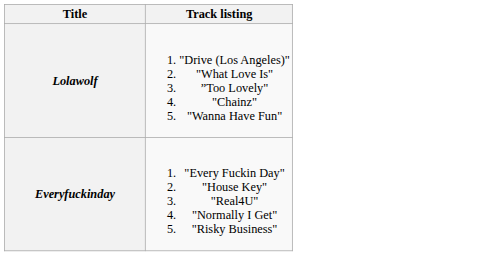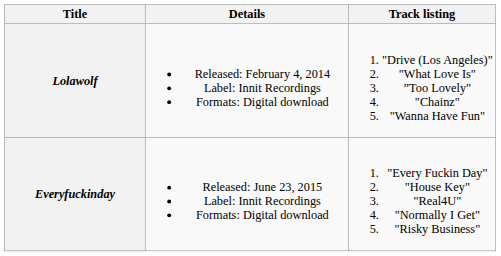 <table class="wikitable plainrowheaders" style="text-align:center;">
 <tr>
 <th scope="col" style="width:11em;">Title</th>
+<th scope="col" style="width:16em;">Details</th>
 <th scope="col">Track listing</th>
 </tr>
 <tr>
 <th scope="row"><em>Lolawolf</em></th>
+<td><br><ul><li>Released: February 4, 2014</li><li>Label: Innit Recordings</li><li>Formats: Digital download</li></ul></td>
 <td><br><ol><li>"Drive (Los Angeles)"</li><li>"What Love Is"</li><li>”Too Lovely"</li><li>"Chainz"</li><li>"Wanna Have Fun"</li></ol></td>
 </tr>
 <tr>
 <th scope="row"><em>Everyfuckinday</em></th>
+<td><br><ul><li>Released: June 23, 2015</li><li>Label: Innit Recordings</li><li>Formats: Digital download</li></ul></td>
 <td><br><ol><li>"Every Fuckin Day"</li><li>"House Key"</li><li>"Real4U"</li><li>"Normally I Get"</li><li>"Risky Business"</li></ol></td>
 </tr>
 </table>
